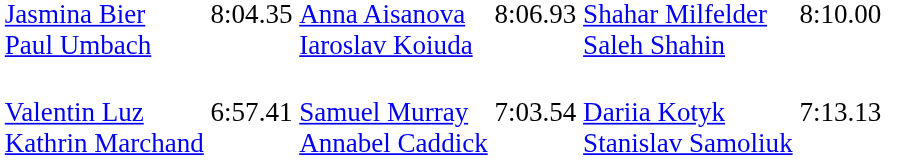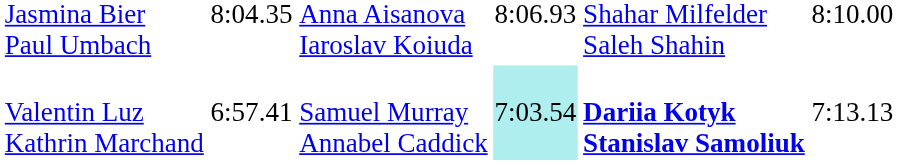 <table>
 <tr>
 <th></th>
 <td><br><a href='#'>Jasmina Bier</a><br><a href='#'>Paul Umbach</a></td>
 <td>8:04.35</td>
 <td><br><a href='#'>Anna Aisanova</a><br><a href='#'>Iaroslav Koiuda</a></td>
 <td>8:06.93</td>
 <td><br><a href='#'>Shahar Milfelder</a><br><a href='#'>Saleh Shahin</a></td>
 <td>8:10.00</td>
 </tr>
 <tr>
 <th></th>
 <td><br><a href='#'>Valentin Luz</a><br><a href='#'>Kathrin Marchand</a></td>
 <td>6:57.41</td>
 <td><br><a href='#'>Samuel Murray</a><br><a href='#'>Annabel Caddick</a></td>
-<td>7:03.54</td>
-<td><br><a href='#'>Dariia Kotyk</a><br><a href='#'>Stanislav Samoliuk</a></td>
+<td style="background: paleturquoise;">7:03.54</td>
+<td><strong><br><a href='#'>Dariia Kotyk</a><br><a href='#'>Stanislav Samoliuk</a></strong></td>
 <td>7:13.13</td>
 </tr>
 </table>
